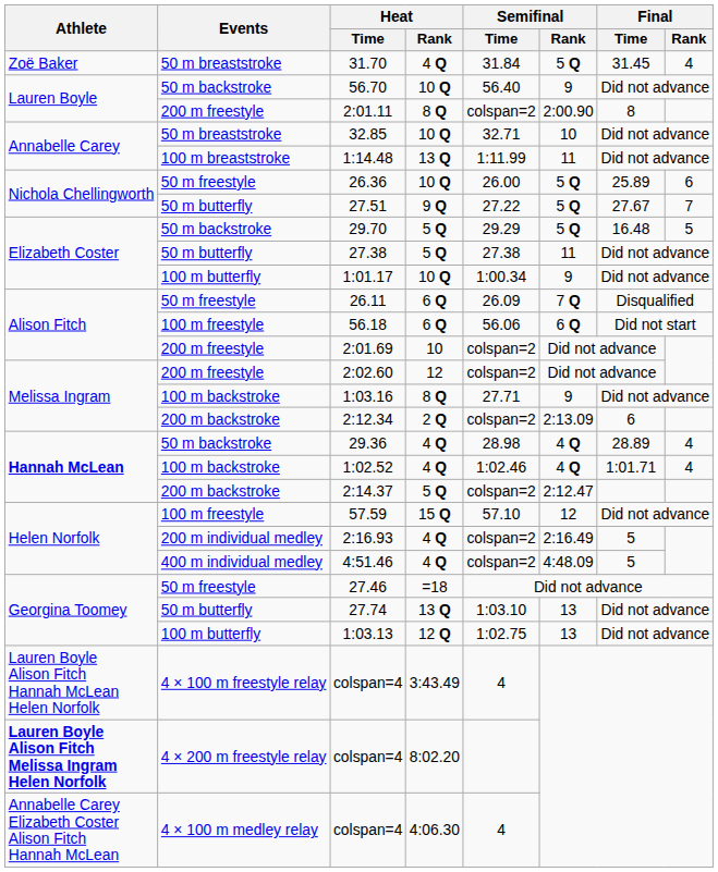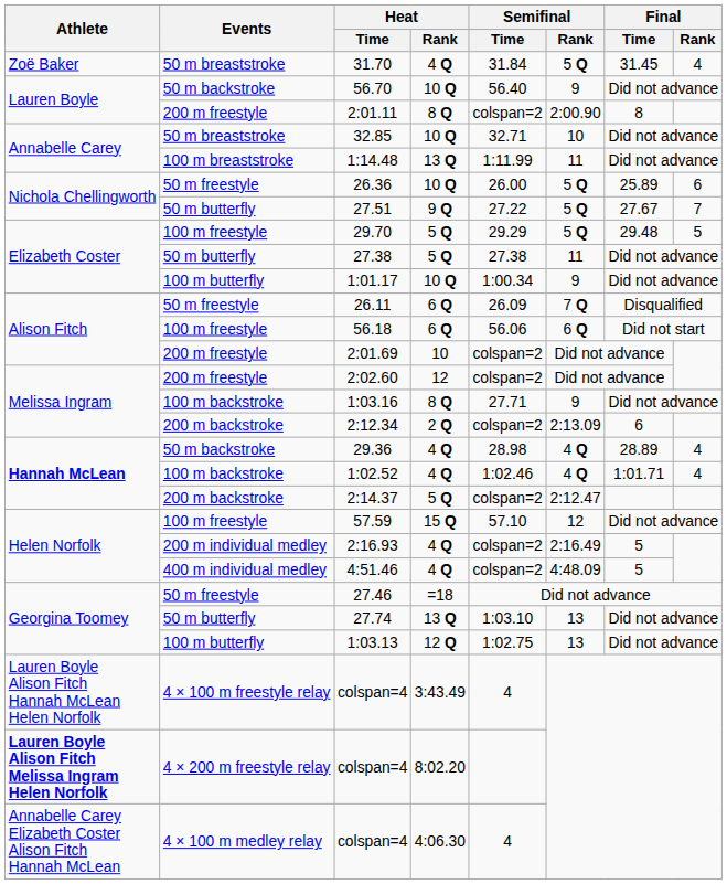 <table class=wikitable style="font-size:90%">
 <tr align=center>
 <th rowspan="2">Athlete</th>
 <th rowspan="2">Events</th>
 <th colspan="2">Heat</th>
 <th colspan="2">Semifinal</th>
 <th colspan="2">Final</th>
 </tr>
 <tr style="font-size:95%">
 <th>Time</th>
 <th>Rank</th>
 <th>Time</th>
 <th>Rank</th>
 <th>Time</th>
 <th>Rank</th>
 </tr>
 <tr align=center>
 <td align=left><a href='#'>Zoë Baker</a></td>
 <td align=left><a href='#'>50 m breaststroke</a></td>
 <td>31.70</td>
 <td>4 <strong>Q</strong></td>
 <td>31.84</td>
 <td>5 <strong>Q</strong></td>
 <td>31.45</td>
 <td>4</td>
 </tr>
 <tr align=center>
 <td align=left rowspan=2><a href='#'>Lauren Boyle</a></td>
 <td align=left><a href='#'>50 m backstroke</a></td>
 <td>56.70</td>
 <td>10 <strong>Q</strong></td>
 <td>56.40</td>
 <td>9</td>
 <td colspan=2>Did not advance</td>
 </tr>
 <tr align=center>
 <td align=left><a href='#'>200 m freestyle</a></td>
 <td>2:01.11</td>
 <td>8 <strong>Q</strong></td>
 <td>colspan=2 </td>
 <td>2:00.90</td>
 <td>8</td>
 </tr>
 <tr align=center>
 <td align=left rowspan=2><a href='#'>Annabelle Carey</a></td>
 <td align=left><a href='#'>50 m breaststroke</a></td>
 <td>32.85</td>
 <td>10 <strong>Q</strong></td>
 <td>32.71</td>
 <td>10</td>
 <td colspan=2>Did not advance</td>
 </tr>
 <tr align=center>
 <td align=left><a href='#'>100 m breaststroke</a></td>
 <td>1:14.48</td>
 <td>13 <strong>Q</strong></td>
 <td>1:11.99</td>
 <td>11</td>
 <td colspan=2>Did not advance</td>
 </tr>
 <tr align=center>
 <td align=left rowspan=2><a href='#'>Nichola Chellingworth</a></td>
 <td align=left><a href='#'>50 m freestyle</a></td>
 <td>26.36</td>
 <td>10 <strong>Q</strong></td>
 <td>26.00</td>
 <td>5 <strong>Q</strong></td>
 <td>25.89</td>
 <td>6</td>
 </tr>
 <tr align=center>
 <td align=left><a href='#'>50 m butterfly</a></td>
 <td>27.51</td>
 <td>9 <strong>Q</strong></td>
 <td>27.22</td>
 <td>5 <strong>Q</strong></td>
 <td>27.67</td>
 <td>7</td>
 </tr>
 <tr align=center>
 <td align=left rowspan=3><a href='#'>Elizabeth Coster</a></td>
-<td align=left><a href='#'>50 m backstroke</a></td>
+<td align=left><a href='#'>100 m freestyle</a></td>
 <td>29.70</td>
 <td>5 <strong>Q</strong></td>
 <td>29.29</td>
 <td>5 <strong>Q</strong></td>
-<td>16.48</td>
+<td>29.48</td>
 <td>5</td>
 </tr>
 <tr align=center>
 <td align=left><a href='#'>50 m butterfly</a></td>
 <td>27.38</td>
 <td>5 <strong>Q</strong></td>
 <td>27.38</td>
 <td>11</td>
 <td colspan=2>Did not advance</td>
 </tr>
 <tr align=center>
 <td align=left><a href='#'>100 m butterfly</a></td>
 <td>1:01.17</td>
 <td>10 <strong>Q</strong></td>
 <td>1:00.34</td>
 <td>9</td>
 <td colspan=2>Did not advance</td>
 </tr>
 <tr align=center>
 <td align=left rowspan=3><a href='#'>Alison Fitch</a></td>
 <td align=left><a href='#'>50 m freestyle</a></td>
 <td>26.11</td>
 <td>6 <strong>Q</strong></td>
 <td>26.09</td>
 <td>7 <strong>Q</strong></td>
 <td colspan=2>Disqualified</td>
 </tr>
 <tr align=center>
 <td align=left><a href='#'>100 m freestyle</a></td>
 <td>56.18</td>
 <td>6 <strong>Q</strong></td>
 <td>56.06</td>
 <td>6 <strong>Q</strong></td>
 <td colspan=2>Did not start</td>
 </tr>
 <tr align=center>
 <td align=left><a href='#'>200 m freestyle</a></td>
 <td>2:01.69</td>
 <td>10</td>
 <td>colspan=2 </td>
 <td colspan=2>Did not advance</td>
 </tr>
 <tr align=center>
 <td align=left rowspan=3><a href='#'>Melissa Ingram</a></td>
 <td align=left><a href='#'>200 m freestyle</a></td>
 <td>2:02.60</td>
 <td>12</td>
 <td>colspan=2 </td>
 <td colspan=2>Did not advance</td>
 </tr>
 <tr align=center>
 <td align=left><a href='#'>100 m backstroke</a></td>
 <td>1:03.16</td>
 <td>8 <strong>Q</strong></td>
 <td>27.71</td>
 <td>9</td>
 <td colspan=2>Did not advance</td>
 </tr>
 <tr align=center>
 <td align=left><a href='#'>200 m backstroke</a></td>
 <td>2:12.34</td>
 <td>2 <strong>Q</strong></td>
 <td>colspan=2 </td>
 <td>2:13.09</td>
 <td>6</td>
 </tr>
 <tr align=center>
 <td align=left rowspan=3><strong><a href='#'>Hannah McLean</a></strong></td>
 <td align=left><a href='#'>50 m backstroke</a></td>
 <td>29.36</td>
 <td>4 <strong>Q</strong></td>
 <td>28.98</td>
 <td>4 <strong>Q</strong></td>
 <td>28.89</td>
 <td>4</td>
 </tr>
 <tr align=center>
 <td align=left><a href='#'>100 m backstroke</a></td>
 <td>1:02.52</td>
 <td>4 <strong>Q</strong></td>
 <td>1:02.46</td>
 <td>4 <strong>Q</strong></td>
 <td>1:01.71</td>
 <td>4</td>
 </tr>
 <tr align=center>
 <td align=left><a href='#'>200 m backstroke</a></td>
 <td>2:14.37</td>
 <td>5 <strong>Q</strong></td>
 <td>colspan=2 </td>
 <td>2:12.47</td>
 <td></td>
 </tr>
 <tr align=center>
 <td align=left rowspan=3><a href='#'>Helen Norfolk</a></td>
 <td align=left><a href='#'>100 m freestyle</a></td>
 <td>57.59</td>
 <td>15 <strong>Q</strong></td>
 <td>57.10</td>
 <td>12</td>
 <td colspan=2>Did not advance</td>
 </tr>
 <tr align=center>
 <td align=left><a href='#'>200 m individual medley</a></td>
 <td>2:16.93</td>
 <td>4 <strong>Q</strong></td>
 <td>colspan=2 </td>
 <td>2:16.49</td>
 <td>5</td>
 </tr>
 <tr align=center>
 <td align=left><a href='#'>400 m individual medley</a></td>
 <td>4:51.46</td>
 <td>4 <strong>Q</strong></td>
 <td>colspan=2 </td>
 <td>4:48.09</td>
 <td>5</td>
 </tr>
 <tr align=center>
 <td align=left rowspan=3><a href='#'>Georgina Toomey</a></td>
 <td align=left><a href='#'>50 m freestyle</a></td>
 <td>27.46</td>
 <td>=18</td>
 <td colspan=4>Did not advance</td>
 </tr>
 <tr align=center>
 <td align=left><a href='#'>50 m butterfly</a></td>
 <td>27.74</td>
 <td>13 <strong>Q</strong></td>
 <td>1:03.10</td>
 <td>13</td>
 <td colspan=2>Did not advance</td>
 </tr>
 <tr align=center>
 <td align=left><a href='#'>100 m butterfly</a></td>
 <td>1:03.13</td>
 <td>12 <strong>Q</strong></td>
 <td>1:02.75</td>
 <td>13</td>
 <td colspan=2>Did not advance</td>
 </tr>
 <tr align=center>
 <td align=left><a href='#'>Lauren Boyle</a><br><a href='#'>Alison Fitch</a><br><a href='#'>Hannah McLean</a><br><a href='#'>Helen Norfolk</a></td>
 <td align=left><a href='#'>4 × 100 m freestyle relay</a></td>
 <td>colspan=4 </td>
 <td>3:43.49</td>
 <td>4</td>
 </tr>
 <tr align=center>
 <td align=left><strong><a href='#'>Lauren Boyle</a><br><a href='#'>Alison Fitch</a><br><a href='#'>Melissa Ingram</a><br><a href='#'>Helen Norfolk</a></strong></td>
 <td align=left><a href='#'>4 × 200 m freestyle relay</a></td>
 <td>colspan=4 </td>
 <td>8:02.20</td>
 <td></td>
 </tr>
 <tr align=center>
 <td align=left><a href='#'>Annabelle Carey</a><br><a href='#'>Elizabeth Coster</a><br><a href='#'>Alison Fitch</a><br><a href='#'>Hannah McLean</a></td>
 <td align=left><a href='#'>4 × 100 m medley relay</a></td>
 <td>colspan=4 </td>
 <td>4:06.30</td>
 <td>4</td>
 </tr>
 </table>
